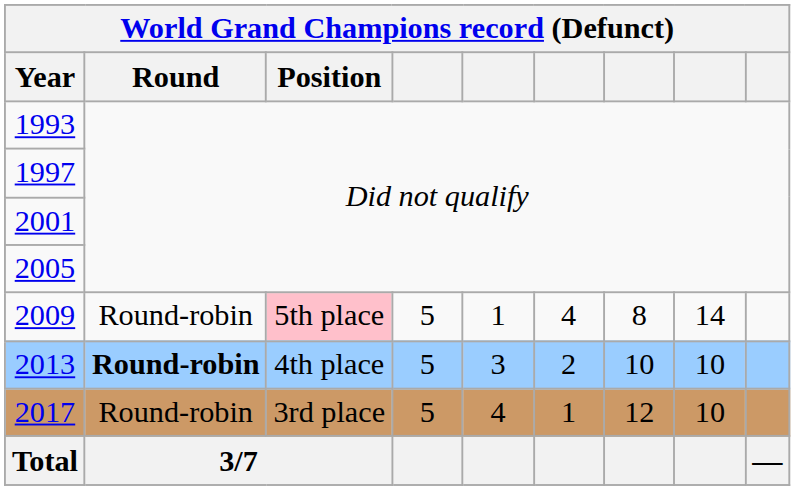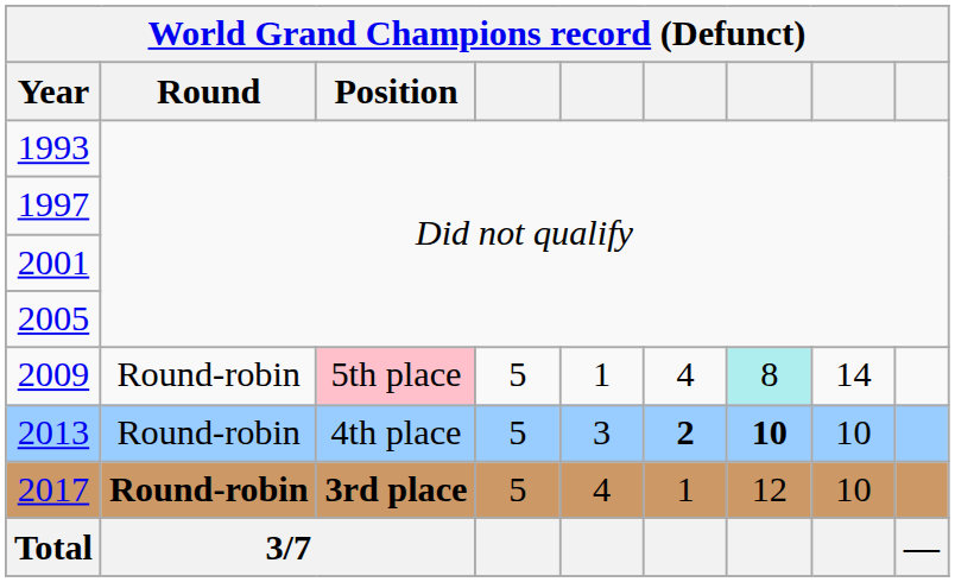 <table class="wikitable" style="text-align: center;">
 <tr>
 <th colspan=9><a href='#'>World Grand Champions record</a>  (Defunct)</th>
 </tr>
 <tr>
 <th>Year</th>
 <th>Round</th>
 <th>Position</th>
 <th width=30></th>
 <th width=30></th>
 <th width=30></th>
 <th width=30></th>
 <th width=30></th>
 <th></th>
 </tr>
 <tr>
 <td> <a href='#'>1993</a></td>
 <td rowspan=4 colspan=8><em>Did not qualify</em></td>
 </tr>
 <tr>
 <td> <a href='#'>1997</a></td>
 </tr>
 <tr>
 <td> <a href='#'>2001</a></td>
 </tr>
 <tr>
 <td> <a href='#'>2005</a></td>
 </tr>
 <tr>
 <td> <a href='#'>2009</a></td>
 <td>Round-robin</td>
 <td style="background: pink;">5th place</td>
 <td>5</td>
 <td>1</td>
 <td>4</td>
-<td>8</td>
+<td style="background: paleturquoise;">8</td>
 <td>14</td>
 <td></td>
 </tr>
 <tr bgcolor=#9acdff>
 <td> <a href='#'>2013</a></td>
-<td><strong>Round-robin</strong></td>
+<td>Round-robin</td>
 <td>4th place</td>
 <td>5</td>
 <td>3</td>
-<td>2</td>
-<td>10</td>
+<td><strong>2</strong></td>
+<td><strong>10</strong></td>
 <td>10</td>
 <td></td>
 </tr>
 <tr bgcolor=#cc9966>
 <td> <a href='#'>2017</a></td>
-<td>Round-robin</td>
-<td>3rd place</td>
+<td><strong>Round-robin</strong></td>
+<td><strong>3rd place</strong></td>
 <td>5</td>
 <td>4</td>
 <td>1</td>
 <td>12</td>
 <td>10</td>
 <td></td>
 </tr>
 <tr>
 <th>Total</th>
 <th colspan=2>3/7</th>
 <th></th>
 <th></th>
 <th></th>
 <th></th>
 <th></th>
 <th>—</th>
 </tr>
 </table>
